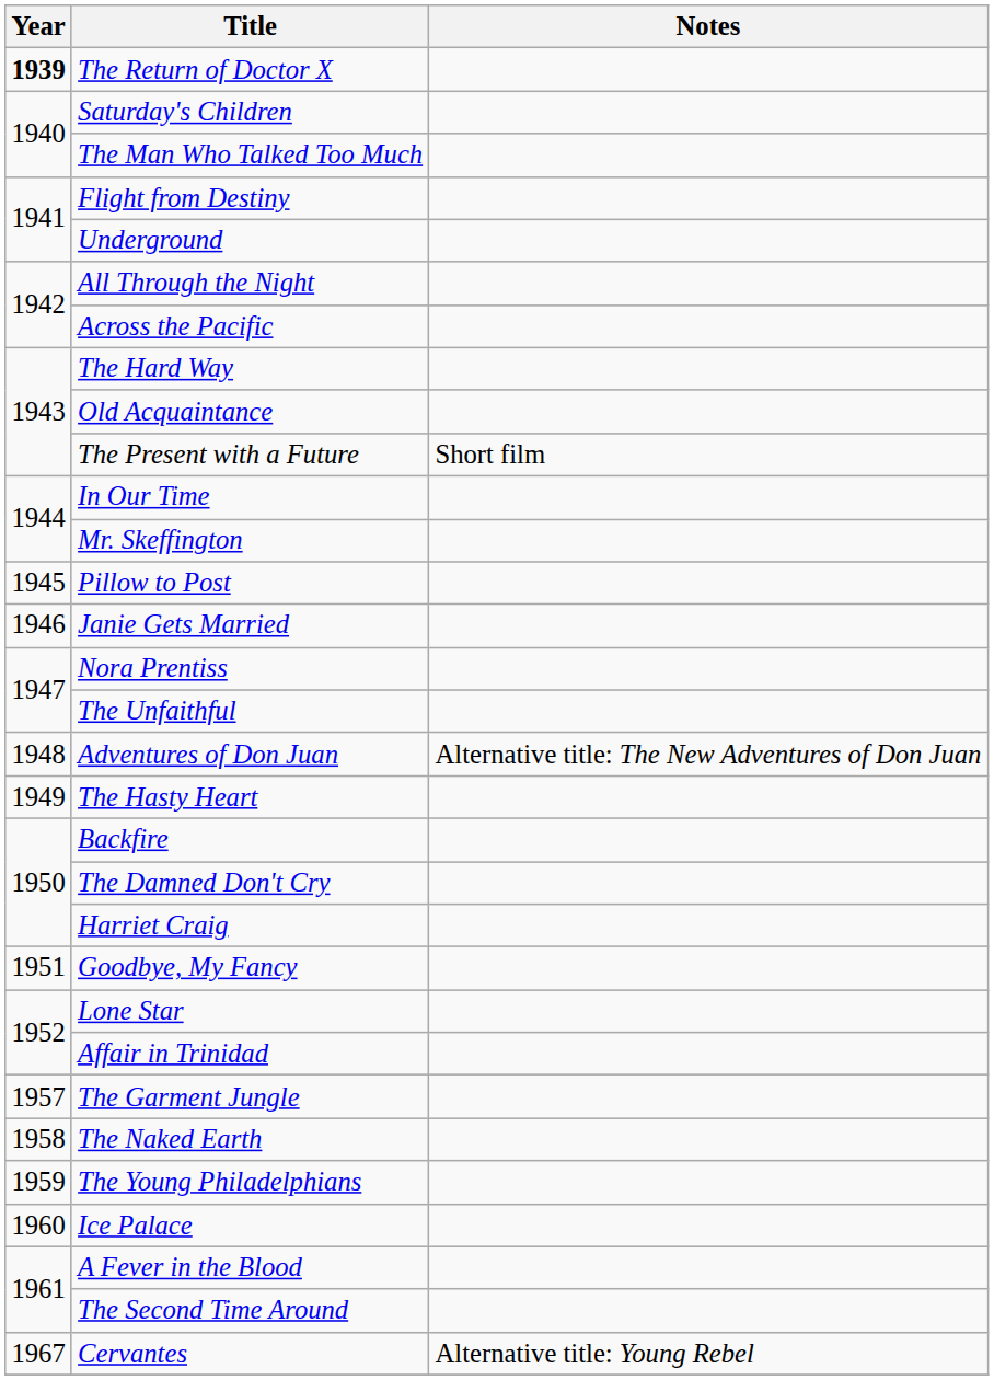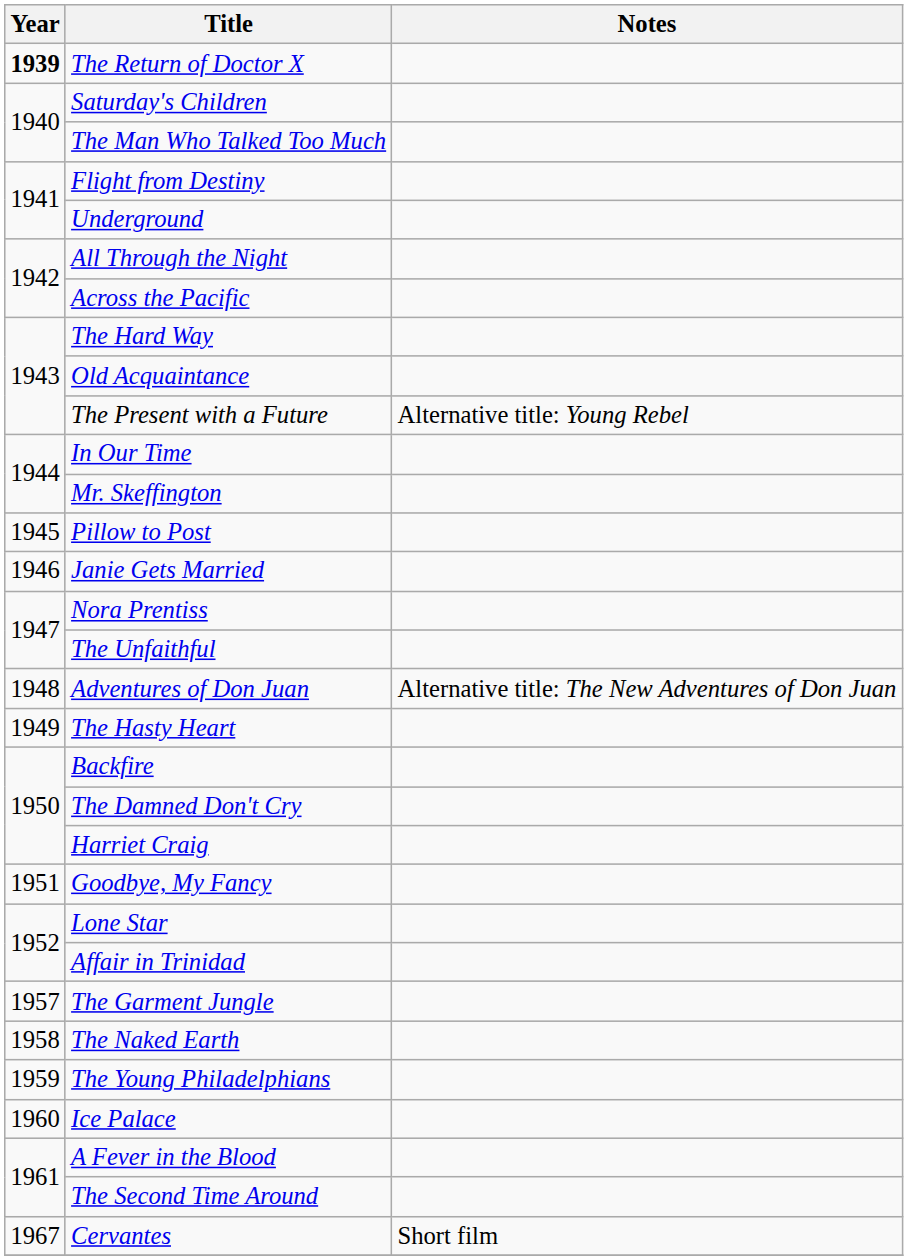 <table class="wikitable">
 <tr>
 <th>Year</th>
 <th>Title</th>
 <th>Notes</th>
 </tr>
 <tr>
 <td><strong>1939</strong></td>
 <td><em><a href='#'>The Return of Doctor X</a></em></td>
 <td></td>
 </tr>
 <tr>
 <td rowspan="2">1940</td>
 <td><em><a href='#'>Saturday's Children</a></em></td>
 <td></td>
 </tr>
 <tr>
 <td><em><a href='#'>The Man Who Talked Too Much</a></em></td>
 <td></td>
 </tr>
 <tr>
 <td rowspan="2">1941</td>
 <td><em><a href='#'>Flight from Destiny</a></em></td>
 <td></td>
 </tr>
 <tr>
 <td><em><a href='#'>Underground</a></em></td>
 <td></td>
 </tr>
 <tr>
 <td rowspan="2">1942</td>
 <td><em><a href='#'>All Through the Night</a></em></td>
 <td></td>
 </tr>
 <tr>
 <td><em><a href='#'>Across the Pacific</a></em></td>
 <td></td>
 </tr>
 <tr>
 <td rowspan="3">1943</td>
 <td><em><a href='#'>The Hard Way</a></em></td>
 <td></td>
 </tr>
 <tr>
 <td><em><a href='#'>Old Acquaintance</a></em></td>
 <td></td>
 </tr>
 <tr>
 <td><em>The Present with a Future</em></td>
-<td>Short film</td>
+<td>Alternative title: <em>Young Rebel</em></td>
 </tr>
 <tr>
 <td rowspan="2">1944</td>
 <td><em><a href='#'>In Our Time</a></em></td>
 <td></td>
 </tr>
 <tr>
 <td><em><a href='#'>Mr. Skeffington</a></em></td>
 <td></td>
 </tr>
 <tr>
 <td>1945</td>
 <td><em><a href='#'>Pillow to Post</a></em></td>
 <td></td>
 </tr>
 <tr>
 <td>1946</td>
 <td><em><a href='#'>Janie Gets Married</a></em></td>
 <td></td>
 </tr>
 <tr>
 <td rowspan="2">1947</td>
 <td><em><a href='#'>Nora Prentiss</a></em></td>
 <td></td>
 </tr>
 <tr>
 <td><em><a href='#'>The Unfaithful</a></em></td>
 <td></td>
 </tr>
 <tr>
 <td>1948</td>
 <td><em><a href='#'>Adventures of Don Juan</a></em></td>
 <td>Alternative title: <em>The New Adventures of Don Juan</em></td>
 </tr>
 <tr>
 <td>1949</td>
 <td><em><a href='#'>The Hasty Heart</a></em></td>
 <td></td>
 </tr>
 <tr>
 <td rowspan="3">1950</td>
 <td><em><a href='#'>Backfire</a></em></td>
 <td></td>
 </tr>
 <tr>
 <td><em><a href='#'>The Damned Don't Cry</a></em></td>
 <td></td>
 </tr>
 <tr>
 <td><em><a href='#'>Harriet Craig</a></em></td>
 <td></td>
 </tr>
 <tr>
 <td>1951</td>
 <td><em><a href='#'>Goodbye, My Fancy</a></em></td>
 <td></td>
 </tr>
 <tr>
 <td rowspan="2">1952</td>
 <td><em><a href='#'>Lone Star</a></em></td>
 <td></td>
 </tr>
 <tr>
 <td><em><a href='#'>Affair in Trinidad</a></em></td>
 <td></td>
 </tr>
 <tr>
 <td>1957</td>
 <td><em><a href='#'>The Garment Jungle</a></em></td>
 <td></td>
 </tr>
 <tr>
 <td>1958</td>
 <td><em><a href='#'>The Naked Earth</a></em></td>
 <td></td>
 </tr>
 <tr>
 <td>1959</td>
 <td><em><a href='#'>The Young Philadelphians</a></em></td>
 <td></td>
 </tr>
 <tr>
 <td>1960</td>
 <td><em><a href='#'>Ice Palace</a></em></td>
 <td></td>
 </tr>
 <tr>
 <td rowspan="2">1961</td>
 <td><em><a href='#'>A Fever in the Blood</a></em></td>
 <td></td>
 </tr>
 <tr>
 <td><em><a href='#'>The Second Time Around</a></em></td>
 <td></td>
 </tr>
 <tr>
 <td>1967</td>
 <td><em><a href='#'>Cervantes</a></em></td>
-<td>Alternative title: <em>Young Rebel</em></td>
+<td>Short film</td>
 </tr>
 <tr>
 </tr>
 </table>
